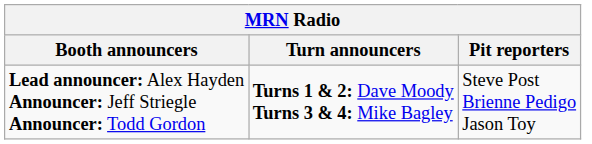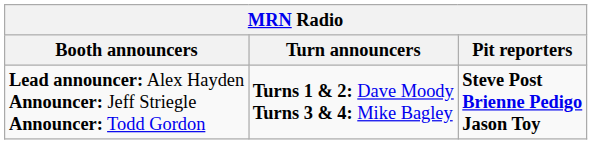 <table class="wikitable" style="font-size: 95%;">
 <tr>
 <th colspan="3"><a href='#'>MRN</a> Radio</th>
 </tr>
 <tr>
 <th>Booth announcers</th>
 <th>Turn announcers</th>
 <th>Pit reporters</th>
 </tr>
 <tr>
 <td><strong>Lead announcer:</strong> Alex Hayden<br><strong>Announcer:</strong> Jeff Striegle<br><strong>Announcer:</strong> <a href='#'>Todd Gordon</a></td>
 <td><strong>Turns 1 & 2:</strong> <a href='#'>Dave Moody</a><br><strong>Turns 3 & 4:</strong> <a href='#'>Mike Bagley</a></td>
-<td>Steve Post<br><a href='#'>Brienne Pedigo</a><br>Jason Toy</td>
+<td><strong>Steve Post<br><a href='#'>Brienne Pedigo</a><br>Jason Toy</strong></td>
 </tr>
 </table>
